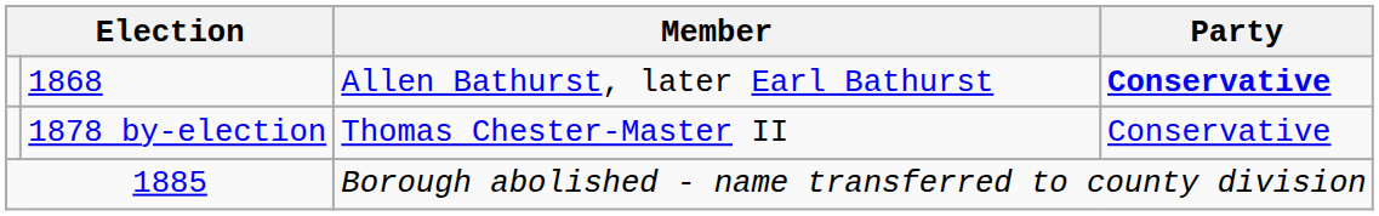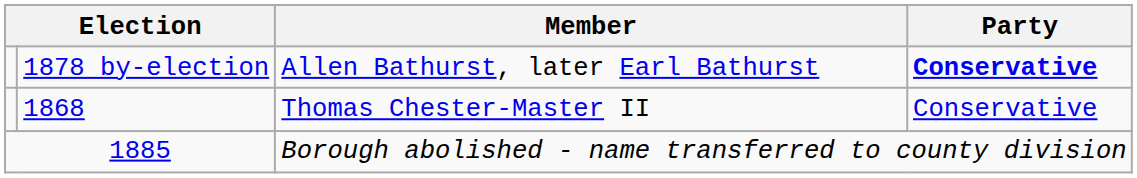 <table class="wikitable">
 <tr>
 <th colspan="2">Election</th>
 <th>Member</th>
 <th>Party</th>
 </tr>
 <tr>
 <td style="color:inherit;background-color: "></td>
-<td><a href='#'>1868</a></td>
+<td><a href='#'>1878 by-election</a></td>
 <td><a href='#'>Allen Bathurst</a>, later <a href='#'>Earl Bathurst</a></td>
 <td><strong><a href='#'>Conservative</a></strong></td>
 </tr>
 <tr>
 <td style="color:inherit;background-color: "></td>
-<td><a href='#'>1878 by-election</a></td>
+<td><a href='#'>1868</a></td>
 <td><a href='#'>Thomas Chester-Master</a> II</td>
 <td><a href='#'>Conservative</a></td>
 </tr>
 <tr>
 <td colspan="2" style="text-align:center;"><a href='#'>1885</a></td>
 <td colspan="2"><em>Borough abolished - name transferred to county division</em></td>
 </tr>
 </table>
